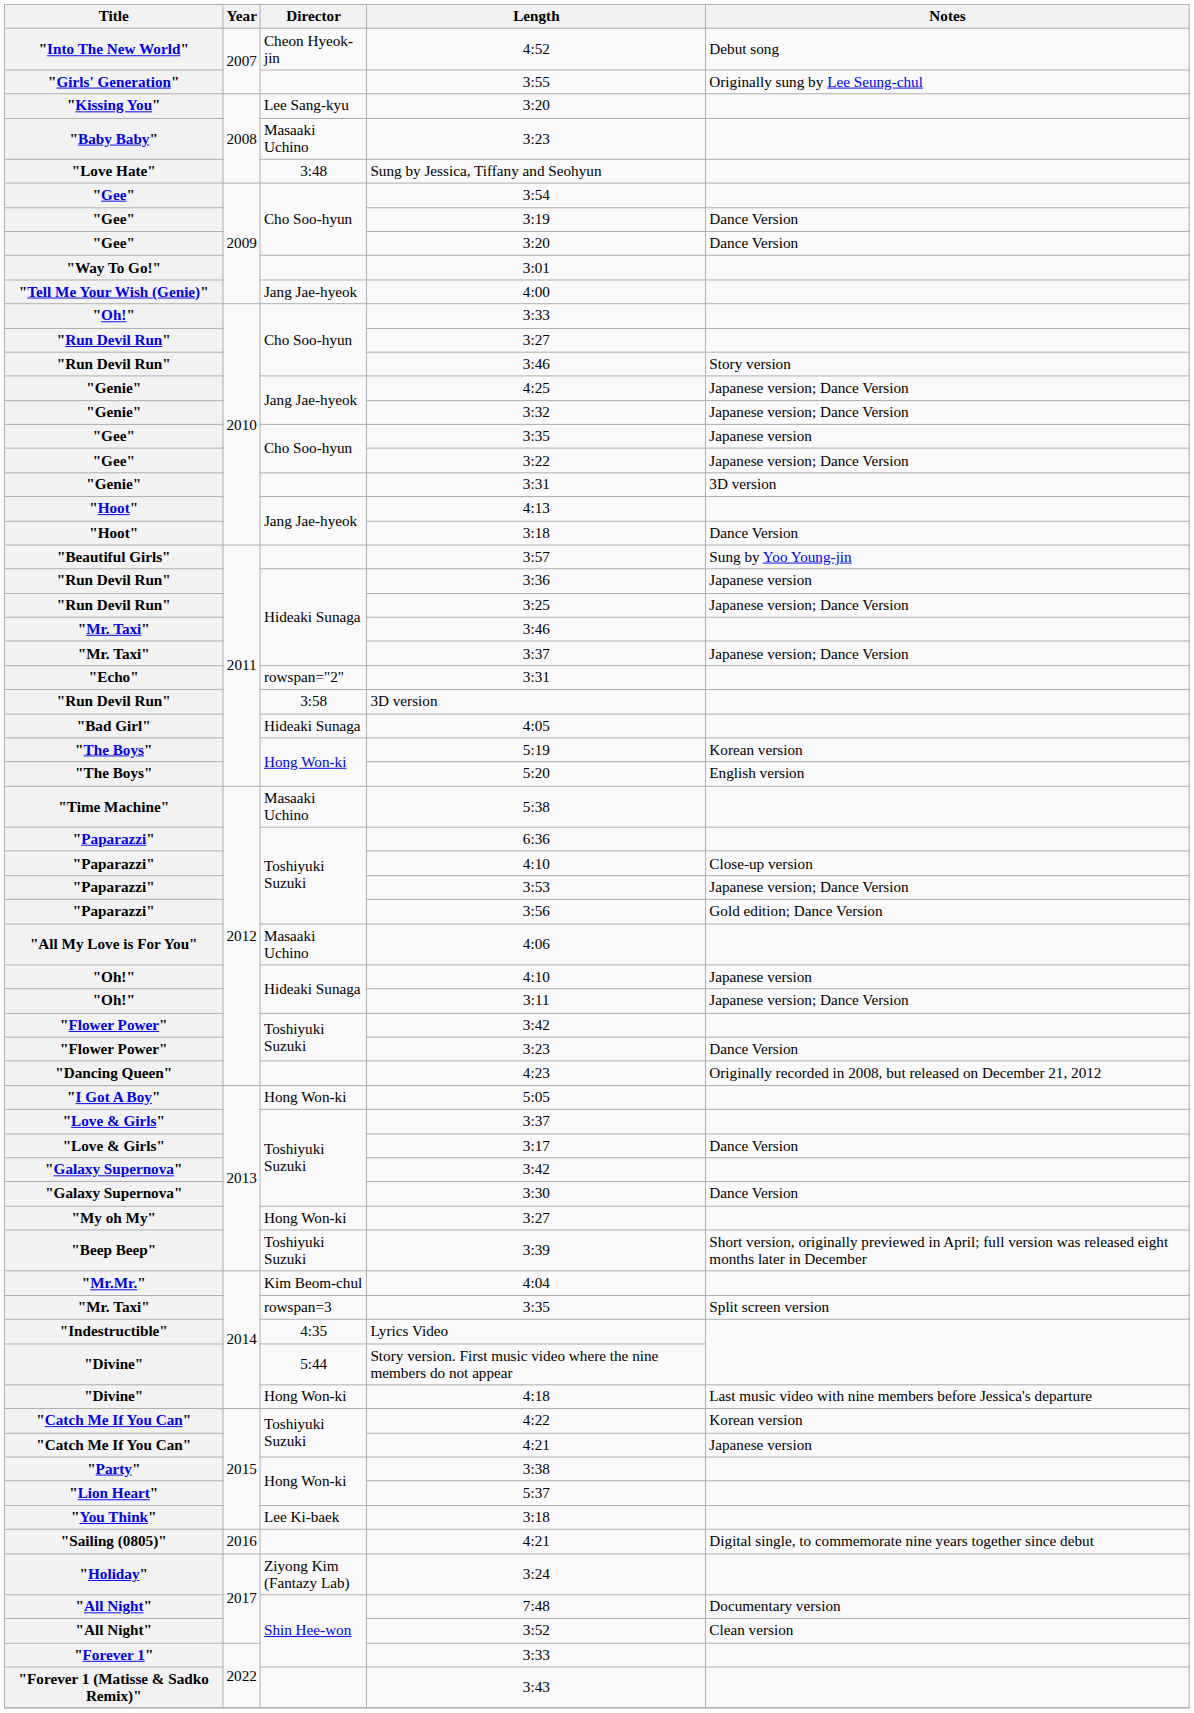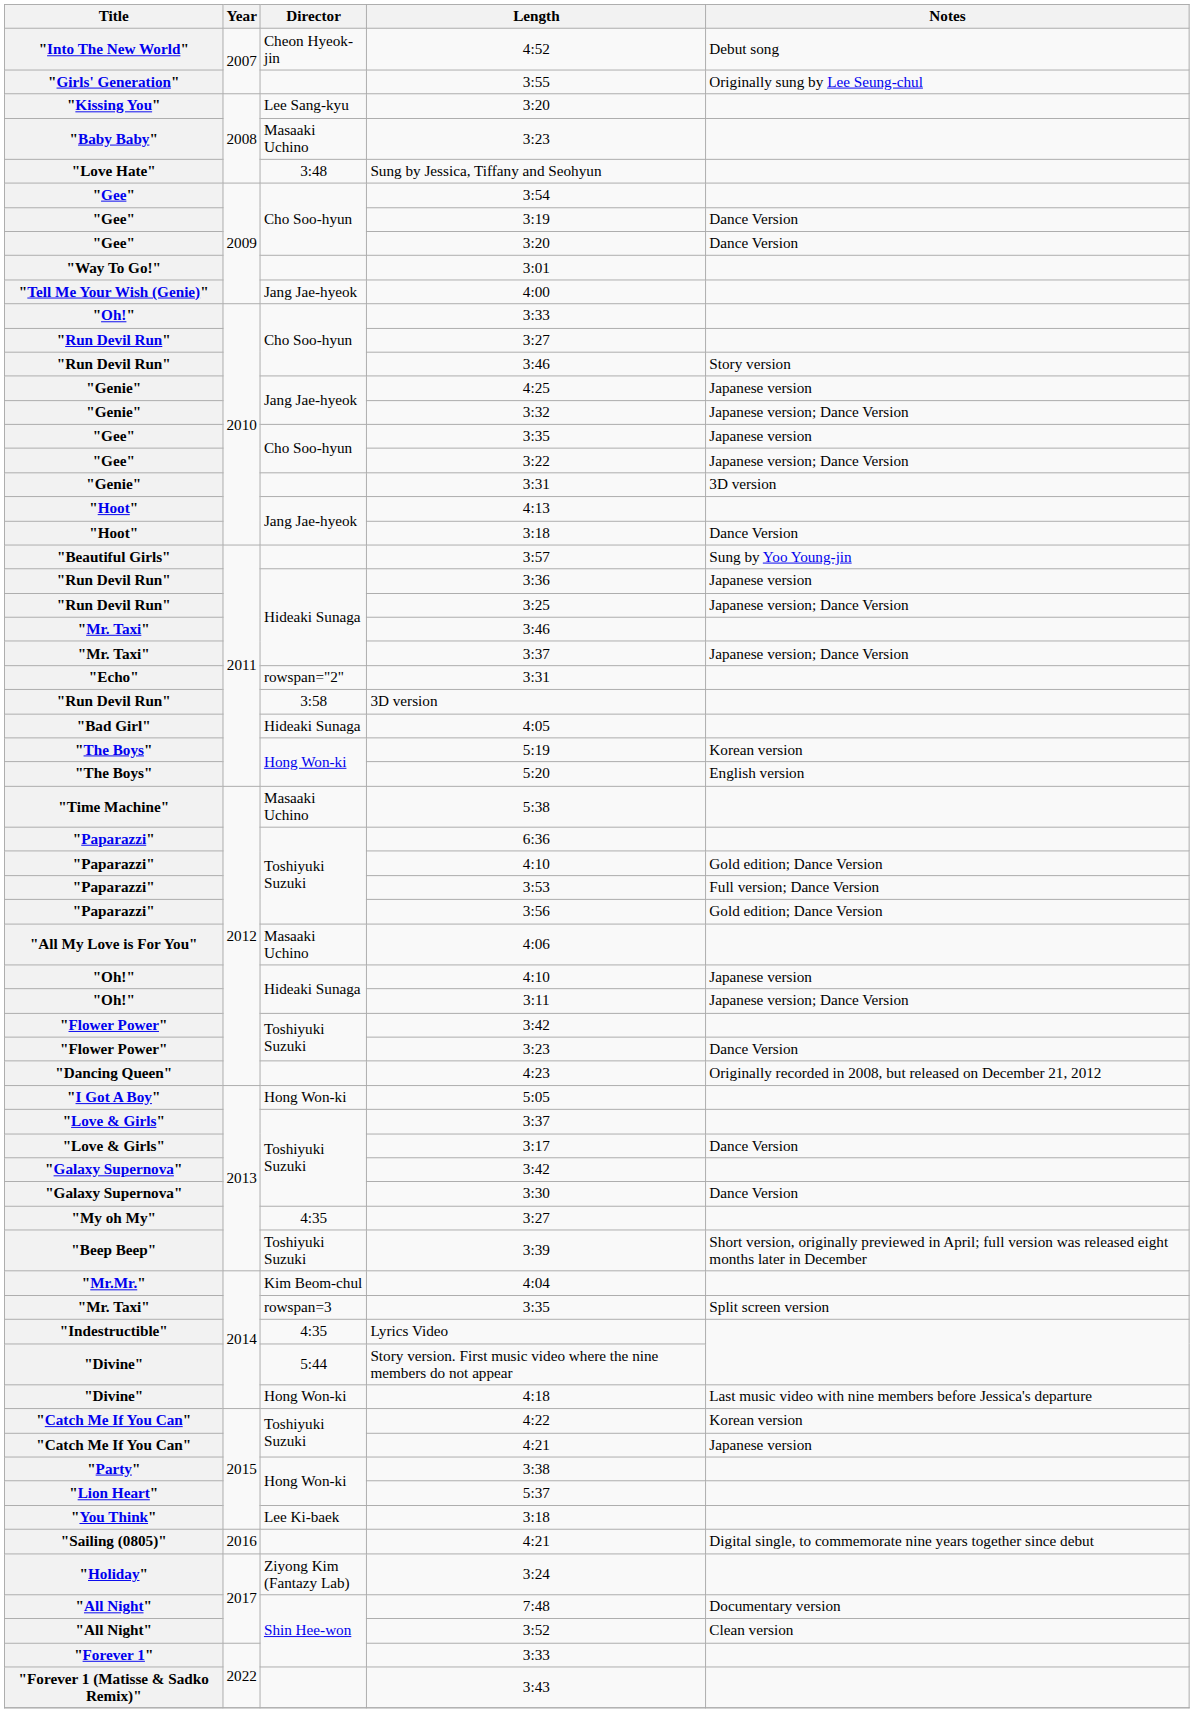 <table class="wikitable sortable plainrowheaders">
 <tr>
 <th>Title</th>
 <th>Year</th>
 <th>Director</th>
 <th>Length</th>
 <th class="unsortable">Notes</th>
 </tr>
 <tr>
 <th scope="row">"<a href='#'>Into The New World</a>" </th>
 <td rowspan="2" style="text-align:center">2007</td>
 <td>Cheon Hyeok-jin</td>
 <td style="text-align:center">4:52</td>
 <td>Debut song</td>
 </tr>
 <tr>
 <th scope="row">"<a href='#'>Girls' Generation</a>" </th>
 <td></td>
 <td style="text-align:center">3:55</td>
 <td>Originally sung by <a href='#'>Lee Seung-chul</a></td>
 </tr>
 <tr>
 <th scope="row">"<a href='#'>Kissing You</a>"</th>
 <td rowspan="3" style="text-align:center">2008</td>
 <td>Lee Sang-kyu</td>
 <td style="text-align:center">3:20</td>
 <td></td>
 </tr>
 <tr>
 <th scope="row">"<a href='#'>Baby Baby</a>"</th>
 <td>Masaaki Uchino</td>
 <td style="text-align:center">3:23</td>
 <td></td>
 </tr>
 <tr>
 <th scope="row">"Love Hate" </th>
 <td style="text-align:center">3:48</td>
 <td>Sung by Jessica, Tiffany and Seohyun</td>
 </tr>
 <tr>
 <th scope="row">"<a href='#'>Gee</a>"</th>
 <td rowspan="5" style="text-align:center">2009</td>
 <td rowspan=3>Cho Soo-hyun</td>
 <td style="text-align:center">3:54</td>
 <td></td>
 </tr>
 <tr>
 <th scope="row">"Gee" </th>
 <td style="text-align:center">3:19</td>
 <td>Dance Version</td>
 </tr>
 <tr>
 <th scope="row">"Gee" </th>
 <td style="text-align:center">3:20</td>
 <td>Dance Version</td>
 </tr>
 <tr>
 <th scope="row">"Way To Go!" </th>
 <td></td>
 <td style="text-align:center">3:01</td>
 <td></td>
 </tr>
 <tr>
 <th scope="row">"<a href='#'>Tell Me Your Wish (Genie)</a>" </th>
 <td>Jang Jae-hyeok</td>
 <td style="text-align:center">4:00</td>
 <td></td>
 </tr>
 <tr>
 <th scope="row">"<a href='#'>Oh!</a>"</th>
 <td rowspan="10" style="text-align:center">2010</td>
 <td rowspan=3>Cho Soo-hyun</td>
 <td style="text-align:center">3:33</td>
 <td></td>
 </tr>
 <tr>
 <th scope="row">"<a href='#'>Run Devil Run</a>"</th>
 <td style="text-align:center">3:27</td>
 <td></td>
 </tr>
 <tr>
 <th scope="row">"Run Devil Run"</th>
 <td style="text-align:center">3:46</td>
 <td>Story version</td>
 </tr>
 <tr>
 <th scope="row">"Genie"</th>
 <td rowspan=2>Jang Jae-hyeok</td>
 <td style="text-align:center">4:25</td>
-<td>Japanese version; Dance Version</td>
+<td>Japanese version</td>
 </tr>
 <tr>
 <th scope="row">"Genie"</th>
 <td style="text-align:center">3:32</td>
 <td>Japanese version; Dance Version</td>
 </tr>
 <tr>
 <th scope="row">"Gee"</th>
 <td rowspan=2>Cho Soo-hyun</td>
 <td style="text-align:center">3:35</td>
 <td>Japanese version</td>
 </tr>
 <tr>
 <th scope="row">"Gee"</th>
 <td style="text-align:center">3:22</td>
 <td>Japanese version; Dance Version</td>
 </tr>
 <tr>
 <th scope="row">"Genie"</th>
 <td></td>
 <td style="text-align:center">3:31</td>
 <td>3D version</td>
 </tr>
 <tr>
 <th scope="row">"<a href='#'>Hoot</a>" </th>
 <td rowspan=2>Jang Jae-hyeok</td>
 <td style="text-align:center">4:13</td>
 <td></td>
 </tr>
 <tr>
 <th scope="row">"Hoot"</th>
 <td style="text-align:center">3:18</td>
 <td>Dance Version</td>
 </tr>
 <tr>
 <th scope="row">"Beautiful Girls"</th>
 <td rowspan="10" style="text-align:center">2011</td>
 <td></td>
 <td style="text-align:center">3:57</td>
 <td>Sung by <a href='#'>Yoo Young-jin</a></td>
 </tr>
 <tr>
 <th scope="row">"Run Devil Run"</th>
 <td rowspan=4>Hideaki Sunaga</td>
 <td style="text-align:center">3:36</td>
 <td>Japanese version</td>
 </tr>
 <tr>
 <th scope="row">"Run Devil Run"</th>
 <td style="text-align:center">3:25</td>
 <td>Japanese version; Dance Version</td>
 </tr>
 <tr>
 <th scope="row">"<a href='#'>Mr. Taxi</a>"</th>
 <td style="text-align:center">3:46</td>
 <td></td>
 </tr>
 <tr>
 <th scope="row">"Mr. Taxi"</th>
 <td style="text-align:center">3:37</td>
 <td>Japanese version; Dance Version</td>
 </tr>
 <tr>
 <th scope="row">"Echo"</th>
 <td>rowspan="2" </td>
 <td style="text-align:center">3:31</td>
 <td></td>
 </tr>
 <tr>
 <th scope="row">"Run Devil Run"</th>
 <td style="text-align:center">3:58</td>
 <td>3D version</td>
 </tr>
 <tr>
 <th scope="row">"Bad Girl"</th>
 <td>Hideaki Sunaga</td>
 <td style="text-align:center">4:05</td>
 <td></td>
 </tr>
 <tr>
 <th scope="row">"<a href='#'>The Boys</a>"</th>
 <td rowspan=2><a href='#'>Hong Won-ki</a></td>
 <td style="text-align:center">5:19</td>
 <td>Korean version</td>
 </tr>
 <tr>
 <th scope="row">"The Boys"</th>
 <td style="text-align:center">5:20</td>
 <td>English version</td>
 </tr>
 <tr>
 <th scope="row">"Time Machine"</th>
 <td rowspan="11" style="text-align:center">2012</td>
 <td>Masaaki Uchino</td>
 <td style="text-align:center">5:38</td>
 <td></td>
 </tr>
 <tr>
 <th scope="row">"<a href='#'>Paparazzi</a>"</th>
 <td rowspan=4>Toshiyuki Suzuki</td>
 <td style="text-align:center">6:36</td>
 <td></td>
 </tr>
 <tr>
 <th scope="row">"Paparazzi"</th>
 <td style="text-align:center">4:10</td>
-<td>Close-up version</td>
+<td>Gold edition; Dance Version</td>
 </tr>
 <tr>
 <th scope="row">"Paparazzi"</th>
 <td style="text-align:center">3:53</td>
-<td>Japanese version; Dance Version</td>
+<td>Full version; Dance Version</td>
 </tr>
 <tr>
 <th scope="row">"Paparazzi"</th>
 <td style="text-align:center">3:56</td>
 <td>Gold edition; Dance Version</td>
 </tr>
 <tr>
 <th scope="row">"All My Love is For You"</th>
 <td>Masaaki Uchino</td>
 <td style="text-align:center">4:06</td>
 <td></td>
 </tr>
 <tr>
 <th scope="row">"Oh!"</th>
 <td rowspan=2>Hideaki Sunaga</td>
 <td style="text-align:center">4:10</td>
 <td>Japanese version</td>
 </tr>
 <tr>
 <th scope="row">"Oh!"</th>
 <td style="text-align:center">3:11</td>
 <td>Japanese version; Dance Version</td>
 </tr>
 <tr>
 <th scope="row">"<a href='#'>Flower Power</a>"</th>
 <td rowspan=2>Toshiyuki Suzuki</td>
 <td style="text-align:center">3:42</td>
 <td></td>
 </tr>
 <tr>
 <th scope="row">"Flower Power"</th>
 <td style="text-align:center">3:23</td>
 <td>Dance Version</td>
 </tr>
 <tr>
 <th scope="row">"Dancing Queen"</th>
 <td></td>
 <td style="text-align:center">4:23</td>
 <td>Originally recorded in 2008, but released on December 21, 2012</td>
 </tr>
 <tr>
 <th scope="row">"<a href='#'>I Got A Boy</a>"</th>
 <td rowspan="7" style="text-align:center">2013</td>
 <td>Hong Won-ki</td>
 <td style="text-align:center">5:05</td>
 <td></td>
 </tr>
 <tr>
 <th scope="row">"<a href='#'>Love & Girls</a>"</th>
 <td rowspan=4>Toshiyuki Suzuki</td>
 <td style="text-align:center">3:37</td>
 <td></td>
 </tr>
 <tr>
 <th scope="row">"Love & Girls"</th>
 <td style="text-align:center">3:17</td>
 <td>Dance Version</td>
 </tr>
 <tr>
 <th scope="row">"<a href='#'>Galaxy Supernova</a>"</th>
 <td style="text-align:center">3:42</td>
 <td></td>
 </tr>
 <tr>
 <th scope="row">"Galaxy Supernova"</th>
 <td style="text-align:center">3:30</td>
 <td>Dance Version</td>
 </tr>
 <tr>
 <th scope="row">"My oh My"</th>
-<td>Hong Won-ki</td>
+<td style="text-align:center">4:35</td>
 <td style="text-align:center">3:27</td>
 <td></td>
 </tr>
 <tr>
 <th scope="row">"Beep Beep"</th>
 <td>Toshiyuki Suzuki</td>
 <td style="text-align:center">3:39</td>
 <td>Short version, originally previewed in April; full version was released eight months later in December</td>
 </tr>
 <tr>
 <th scope="row">"<a href='#'>Mr.Mr.</a>"</th>
 <td rowspan="5" style="text-align:center">2014</td>
 <td>Kim Beom-chul</td>
 <td style="text-align:center">4:04</td>
 <td></td>
 </tr>
 <tr>
 <th scope="row">"Mr. Taxi"</th>
 <td>rowspan=3 </td>
 <td style="text-align:center">3:35</td>
 <td>Split screen version</td>
 </tr>
 <tr>
 <th scope="row">"Indestructible"</th>
 <td style="text-align:center">4:35</td>
 <td>Lyrics Video</td>
 </tr>
 <tr>
 <th scope="row">"Divine"</th>
 <td style="text-align:center">5:44</td>
 <td>Story version. First music video where the nine members do not appear</td>
 </tr>
 <tr>
 <th scope="row">"Divine"</th>
 <td>Hong Won-ki</td>
 <td style="text-align:center">4:18</td>
 <td>Last music video with nine members before Jessica's departure</td>
 </tr>
 <tr>
 <th scope="row">"<a href='#'>Catch Me If You Can</a>"</th>
 <td rowspan="5" style="text-align:center">2015</td>
 <td rowspan=2>Toshiyuki Suzuki</td>
 <td style="text-align:center">4:22</td>
 <td>Korean version</td>
 </tr>
 <tr>
 <th scope="row">"Catch Me If You Can"</th>
 <td style="text-align:center">4:21</td>
 <td>Japanese version</td>
 </tr>
 <tr>
 <th scope="row">"<a href='#'>Party</a>"</th>
 <td rowspan=2>Hong Won-ki</td>
 <td style="text-align:center">3:38</td>
 <td></td>
 </tr>
 <tr>
 <th scope="row">"<a href='#'>Lion Heart</a>"</th>
 <td style="text-align:center">5:37</td>
 <td></td>
 </tr>
 <tr>
 <th scope="row">"<a href='#'>You Think</a>"</th>
 <td>Lee Ki-baek</td>
 <td style="text-align:center">3:18</td>
 <td></td>
 </tr>
 <tr>
 <th scope="row">"Sailing (0805)"</th>
 <td style="text-align:center">2016</td>
 <td></td>
 <td style="text-align:center">4:21</td>
 <td>Digital single, to commemorate nine years together since debut</td>
 </tr>
 <tr>
 <th scope="row">"<a href='#'>Holiday</a>"</th>
 <td rowspan="3" style="text-align:center">2017</td>
 <td>Ziyong Kim<br>(Fantazy Lab)</td>
 <td style="text-align:center">3:24</td>
 <td></td>
 </tr>
 <tr>
 <th scope="row">"<a href='#'>All Night</a>"</th>
 <td rowspan=3><a href='#'>Shin Hee-won</a></td>
 <td style="text-align:center">7:48</td>
 <td>Documentary version</td>
 </tr>
 <tr>
 <th scope="row">"All Night"</th>
 <td style="text-align:center">3:52</td>
 <td>Clean version</td>
 </tr>
 <tr>
 <th scope="row">"<a href='#'>Forever 1</a>"</th>
 <td style="text-align:center" rowspan="2">2022</td>
 <td style="text-align:center">3:33</td>
 <td></td>
 </tr>
 <tr>
 <th scope="row">"Forever 1 (Matisse & Sadko Remix)"</th>
 <td></td>
 <td style="text-align:center">3:43</td>
 <td></td>
 </tr>
 <tr>
 </tr>
 </table>
